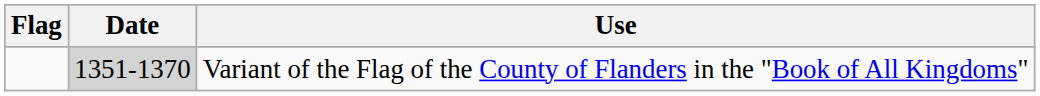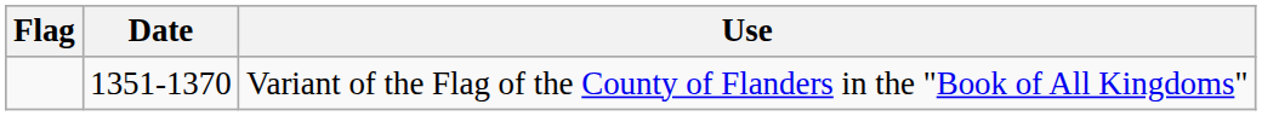 <table class="wikitable">
 <tr>
 <th>Flag</th>
 <th>Date</th>
 <th>Use</th>
 </tr>
 <tr>
 <td></td>
-<td style="background: lightgrey;">1351-1370</td>
+<td>1351-1370</td>
 <td>Variant of the Flag of the <a href='#'>County of Flanders</a> in the "<a href='#'>Book of All Kingdoms</a>"</td>
 </tr>
 </table>
